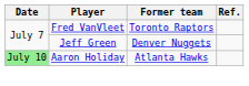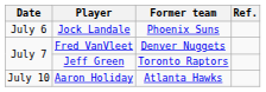 <table class="wikitable sortable sortable" style="text-align: center">
 <tr>
 <th>Date</th>
 <th>Player</th>
 <th>Former team</th>
 <th>Ref.</th>
 </tr>
 <tr>
+<td>July 6</td>
+<td><a href='#'>Jock Landale</a></td>
+<td><a href='#'>Phoenix Suns</a></td>
+<td></td>
+</tr>
+<tr>
 <td rowspan=2>July 7</td>
 <td><a href='#'>Fred VanVleet</a></td>
+<td><a href='#'>Denver Nuggets</a></td>
+<td></td>
+</tr>
+<tr>
+<td><a href='#'>Jeff Green</a></td>
 <td><a href='#'>Toronto Raptors</a></td>
 <td></td>
 </tr>
 <tr>
-<td><a href='#'>Jeff Green</a></td>
-<td><a href='#'>Denver Nuggets</a></td>
-<td></td>
-</tr>
-<tr>
-<td style="background: lightgreen;">July 10</td>
+<td>July 10</td>
 <td><a href='#'>Aaron Holiday</a></td>
 <td><a href='#'>Atlanta Hawks</a></td>
 <td></td>
 </tr>
 </table>
